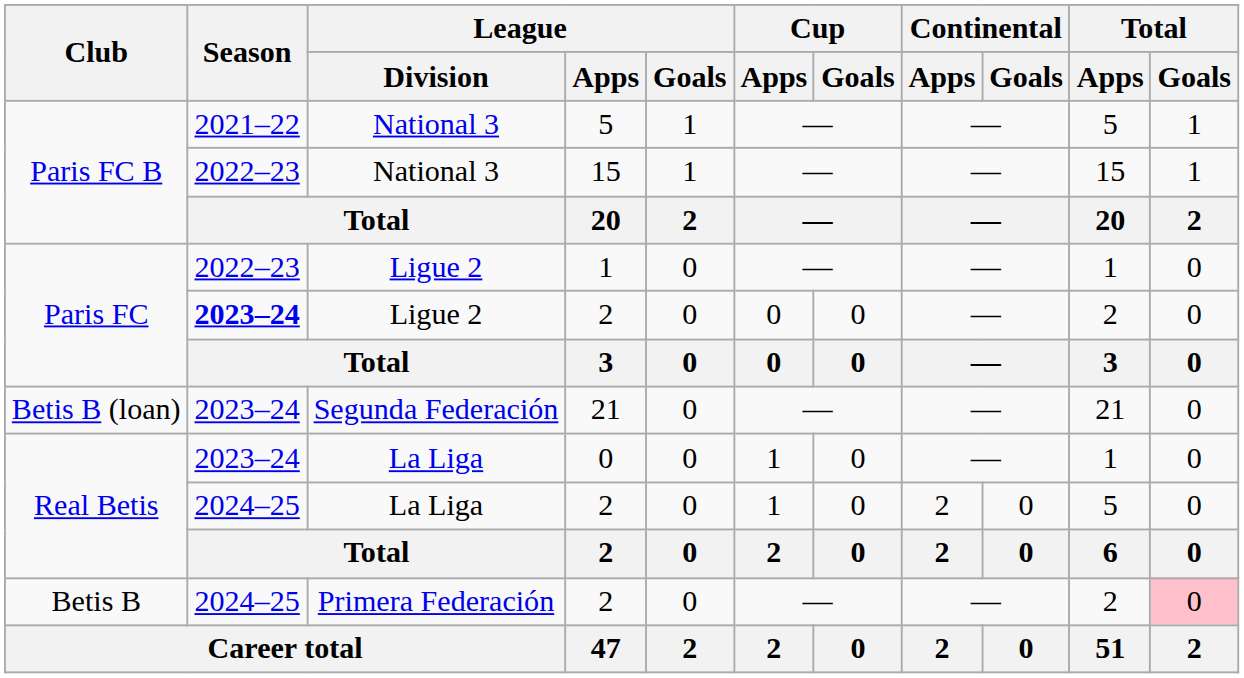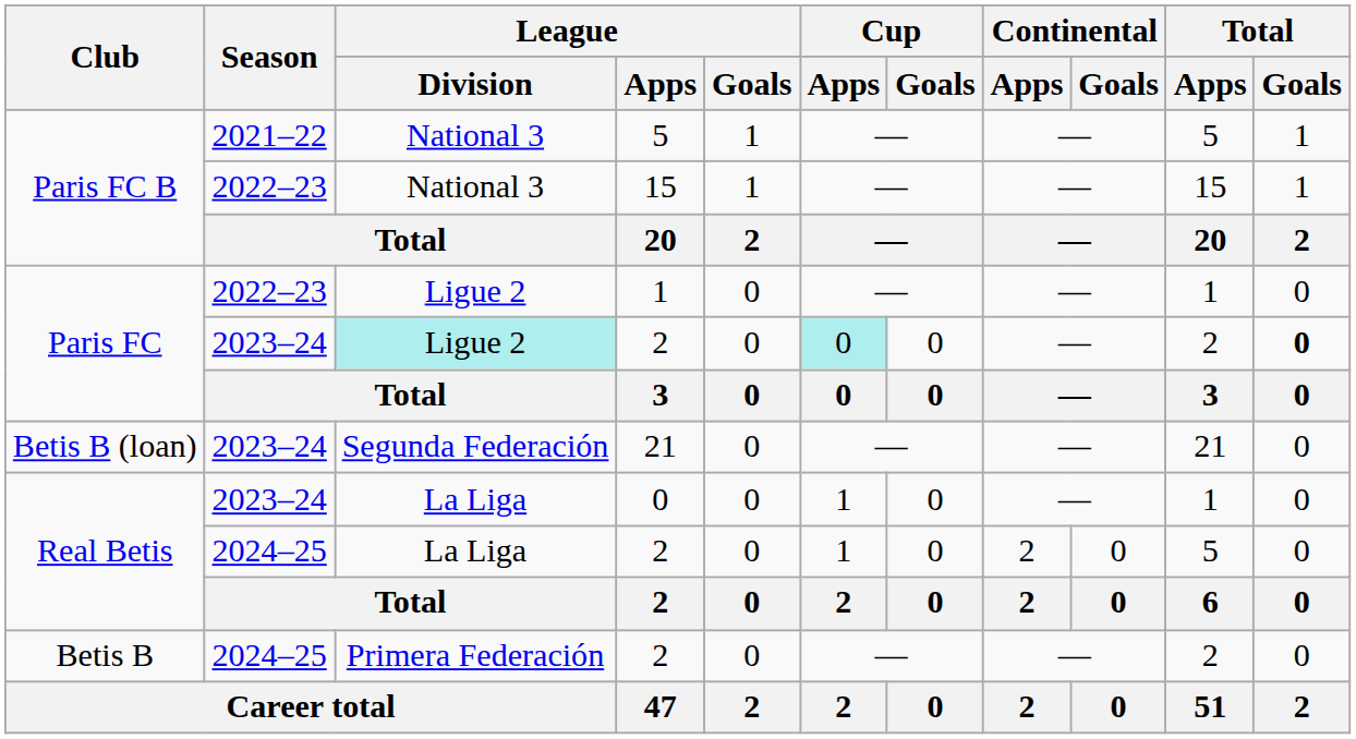 <table class="wikitable" style="text-align: center">
 <tr>
 <th rowspan="2">Club</th>
 <th rowspan="2">Season</th>
 <th colspan="3">League</th>
 <th colspan="2">Cup</th>
 <th colspan="2">Continental</th>
 <th colspan="2">Total</th>
 </tr>
 <tr>
 <th>Division</th>
 <th>Apps</th>
 <th>Goals</th>
 <th>Apps</th>
 <th>Goals</th>
 <th>Apps</th>
 <th>Goals</th>
 <th>Apps</th>
 <th>Goals</th>
 </tr>
 <tr>
 <td rowspan="3"><a href='#'>Paris FC B</a></td>
 <td><a href='#'>2021–22</a></td>
 <td><a href='#'>National 3</a></td>
 <td>5</td>
 <td>1</td>
 <td colspan="2">—</td>
 <td colspan="2">—</td>
 <td>5</td>
 <td>1</td>
 </tr>
 <tr>
 <td><a href='#'>2022–23</a></td>
 <td>National 3</td>
 <td>15</td>
 <td>1</td>
 <td colspan="2">—</td>
 <td colspan="2">—</td>
 <td>15</td>
 <td>1</td>
 </tr>
 <tr>
 <th colspan="2">Total</th>
 <th>20</th>
 <th>2</th>
 <th colspan="2">—</th>
 <th colspan="2">—</th>
 <th>20</th>
 <th>2</th>
 </tr>
 <tr>
 <td rowspan="3"><a href='#'>Paris FC</a></td>
 <td><a href='#'>2022–23</a></td>
 <td><a href='#'>Ligue 2</a></td>
 <td>1</td>
 <td>0</td>
 <td colspan="2">—</td>
 <td colspan="2">—</td>
 <td>1</td>
 <td>0</td>
 </tr>
 <tr>
-<td><strong><a href='#'>2023–24</a></strong></td>
-<td>Ligue 2</td>
+<td><a href='#'>2023–24</a></td>
+<td style="background: paleturquoise;">Ligue 2</td>
 <td>2</td>
 <td>0</td>
-<td>0</td>
+<td style="background: paleturquoise;">0</td>
 <td>0</td>
 <td colspan="2">—</td>
 <td>2</td>
-<td>0</td>
+<td><strong>0</strong></td>
 </tr>
 <tr>
 <th colspan="2">Total</th>
 <th>3</th>
 <th>0</th>
 <th>0</th>
 <th>0</th>
 <th colspan="2">—</th>
 <th>3</th>
 <th>0</th>
 </tr>
 <tr>
 <td><a href='#'>Betis B</a> (loan)</td>
 <td><a href='#'>2023–24</a></td>
 <td><a href='#'>Segunda Federación</a></td>
 <td>21</td>
 <td>0</td>
 <td colspan="2">—</td>
 <td colspan="2">—</td>
 <td>21</td>
 <td>0</td>
 </tr>
 <tr>
 <td rowspan="3"><a href='#'>Real Betis</a></td>
 <td><a href='#'>2023–24</a></td>
 <td><a href='#'>La Liga</a></td>
 <td>0</td>
 <td>0</td>
 <td>1</td>
 <td>0</td>
 <td colspan="2">—</td>
 <td>1</td>
 <td>0</td>
 </tr>
 <tr>
 <td><a href='#'>2024–25</a></td>
 <td>La Liga</td>
 <td>2</td>
 <td>0</td>
 <td>1</td>
 <td>0</td>
 <td>2</td>
 <td>0</td>
 <td>5</td>
 <td>0</td>
 </tr>
 <tr>
 <th colspan="2">Total</th>
 <th>2</th>
 <th>0</th>
 <th>2</th>
 <th>0</th>
 <th>2</th>
 <th>0</th>
 <th>6</th>
 <th>0</th>
 </tr>
 <tr>
 <td>Betis B</td>
 <td><a href='#'>2024–25</a></td>
 <td><a href='#'>Primera Federación</a></td>
 <td>2</td>
 <td>0</td>
 <td colspan="2">—</td>
 <td colspan="2">—</td>
 <td>2</td>
-<td style="background: pink;">0</td>
+<td>0</td>
 </tr>
 <tr>
 <th colspan="3">Career total</th>
 <th>47</th>
 <th>2</th>
 <th>2</th>
 <th>0</th>
 <th>2</th>
 <th>0</th>
 <th>51</th>
 <th>2</th>
 </tr>
 </table>
